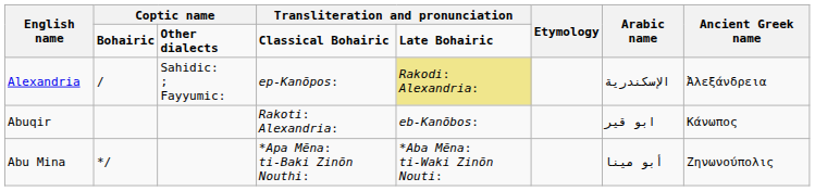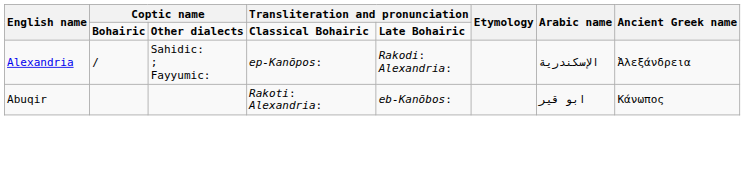 <table class="wikitable">
 <tr>
 <th rowspan="2">English name</th>
 <th colspan="2">Coptic name</th>
 <th colspan="2">Transliteration and pronunciation</th>
 <th rowspan="2">Etymology</th>
 <th rowspan="2">Arabic name</th>
 <th rowspan="2">Ancient Greek name</th>
 </tr>
 <tr>
 <td><strong>Bohairic</strong></td>
 <td><strong>Other dialects</strong></td>
 <td><strong>Classical Bohairic</strong></td>
 <td><strong>Late Bohairic</strong></td>
 </tr>
 <tr>
 <td><a href='#'>Alexandria</a></td>
 <td>/</td>
 <td>Sahidic: <br>;<br>Fayyumic:<br> </td>
 <td><em>ep-Kanōpos</em>:<br></td>
-<td style="background: khaki;"><em>Rakodi</em>:<br> <em>Alexandria</em>: </td>
+<td><em>Rakodi</em>:<br> <em>Alexandria</em>: </td>
 <td></td>
 <td>الإسكندرية</td>
 <td>Ἀλεξάνδρεια</td>
 </tr>
 <tr>
 <td>Abuqir</td>
 <td></td>
 <td></td>
 <td><em>Rakoti</em>:<br> <em>Alexandria</em>: </td>
 <td><em>eb-Kanōbos</em>:<br></td>
 <td></td>
 <td>ابو قير</td>
 <td>Κάνωπος</td>
 </tr>
-<tr>
-<td>Abu Mina</td>
-<td>*/</td>
-<td></td>
-<td>*<em>Apa Mēna</em>: <br><em>ti-Baki Zinōn Nouthi</em>: </td>
-<td>*<em>Aba Mēna</em>: <br><em>ti-Waki Zinōn Nouti</em>: </td>
-<td></td>
-<td>أبو مينا</td>
-<td>Ζηνωνούπολις</td>
-</tr>
 </table>
